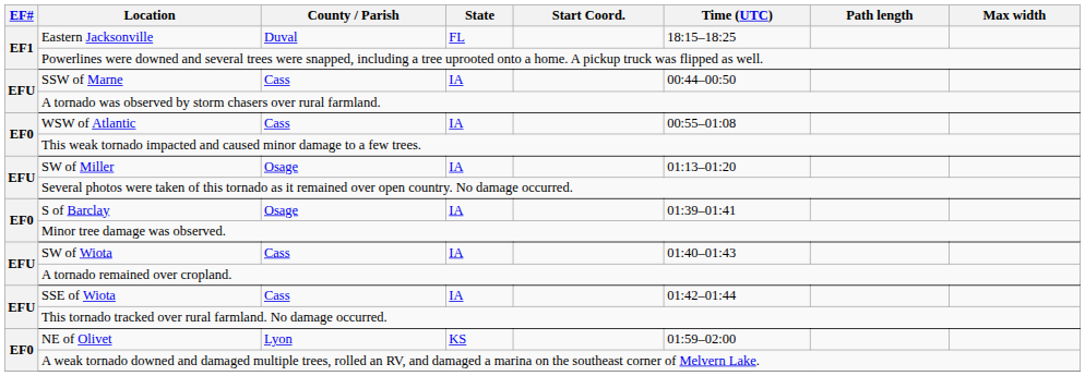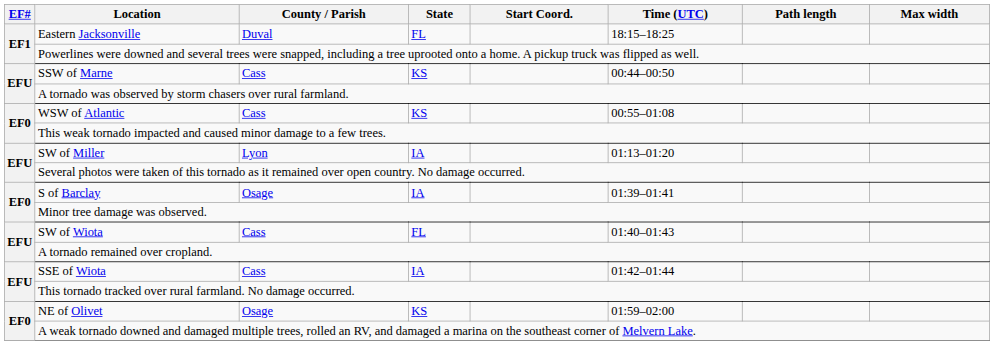 <table class="wikitable sortable" style="width:100%;">
 <tr>
 <th scope="col" width="2%" align="center"><a href='#'>EF#</a></th>
 <th scope="col" align="center" class="unsortable">Location</th>
 <th scope="col" align="center" class="unsortable">County / Parish</th>
 <th scope="col" align="center">State</th>
 <th scope="col" align="center">Start Coord.</th>
 <th scope="col" align="center">Time (<a href='#'>UTC</a>)</th>
 <th scope="col" align="center">Path length</th>
 <th scope="col" align="center">Max width</th>
 </tr>
 <tr>
 <th scope="row" rowspan="2" style="background-color:#">EF1</th>
 <td>Eastern <a href='#'>Jacksonville</a></td>
 <td><a href='#'>Duval</a></td>
 <td><a href='#'>FL</a></td>
 <td></td>
 <td>18:15–18:25</td>
 <td></td>
 <td></td>
 </tr>
 <tr class="expand-child">
 <td colspan="8" style=" border-bottom: 1px solid black;">Powerlines were downed and several trees were snapped, including a tree uprooted onto a home. A pickup truck was flipped as well.</td>
 </tr>
 <tr>
 <th scope="row" rowspan="2" style="background-color:#">EFU</th>
 <td>SSW of <a href='#'>Marne</a></td>
 <td><a href='#'>Cass</a></td>
-<td><a href='#'>IA</a></td>
+<td><a href='#'>KS</a></td>
 <td></td>
 <td>00:44–00:50</td>
 <td></td>
 <td></td>
 </tr>
 <tr class="expand-child">
 <td colspan="8" style=" border-bottom: 1px solid black;">A tornado was observed by storm chasers over rural farmland.</td>
 </tr>
 <tr>
 <th scope="row" rowspan="2" style="background-color:#">EF0</th>
 <td>WSW of <a href='#'>Atlantic</a></td>
 <td><a href='#'>Cass</a></td>
-<td><a href='#'>IA</a></td>
+<td><a href='#'>KS</a></td>
 <td></td>
 <td>00:55–01:08</td>
 <td></td>
 <td></td>
 </tr>
 <tr class="expand-child">
 <td colspan="8" style=" border-bottom: 1px solid black;">This weak tornado impacted and caused minor damage to a few trees.</td>
 </tr>
 <tr>
 <th scope="row" rowspan="2" style="background-color:#">EFU</th>
 <td>SW of <a href='#'>Miller</a></td>
-<td><a href='#'>Osage</a></td>
+<td><a href='#'>Lyon</a></td>
 <td><a href='#'>IA</a></td>
 <td></td>
 <td>01:13–01:20</td>
 <td></td>
 <td></td>
 </tr>
 <tr class="expand-child">
 <td colspan="8" style=" border-bottom: 1px solid black;">Several photos were taken of this tornado as it remained over open country. No damage occurred.</td>
 </tr>
 <tr>
 <th scope="row" rowspan="2" style="background-color:#">EF0</th>
 <td>S of <a href='#'>Barclay</a></td>
 <td><a href='#'>Osage</a></td>
 <td><a href='#'>IA</a></td>
 <td></td>
 <td>01:39–01:41</td>
 <td></td>
 <td></td>
 </tr>
 <tr class="expand-child">
 <td colspan="8" style=" border-bottom: 1px solid black;">Minor tree damage was observed.</td>
 </tr>
 <tr>
 <th scope="row" rowspan="2" style="background-color:#">EFU</th>
 <td>SW of <a href='#'>Wiota</a></td>
 <td><a href='#'>Cass</a></td>
-<td><a href='#'>IA</a></td>
+<td><a href='#'>FL</a></td>
 <td></td>
 <td>01:40–01:43</td>
 <td></td>
 <td></td>
 </tr>
 <tr class="expand-child">
 <td colspan="8" style=" border-bottom: 1px solid black;">A tornado remained over cropland.</td>
 </tr>
 <tr>
 <th scope="row" rowspan="2" style="background-color:#">EFU</th>
 <td>SSE of <a href='#'>Wiota</a></td>
 <td><a href='#'>Cass</a></td>
 <td><a href='#'>IA</a></td>
 <td></td>
 <td>01:42–01:44</td>
 <td></td>
 <td></td>
 </tr>
 <tr class="expand-child">
 <td colspan="8" style=" border-bottom: 1px solid black;">This tornado tracked over rural farmland. No damage occurred.</td>
 </tr>
 <tr>
 <th scope="row" rowspan="2" style="background-color:#">EF0</th>
 <td>NE of <a href='#'>Olivet</a></td>
-<td><a href='#'>Lyon</a></td>
+<td><a href='#'>Osage</a></td>
 <td><a href='#'>KS</a></td>
 <td></td>
 <td>01:59–02:00</td>
 <td></td>
 <td></td>
 </tr>
 <tr class="expand-child">
 <td colspan="8" style=" border-bottom: 1px solid black;">A weak tornado downed and damaged multiple trees, rolled an RV, and damaged a marina on the southeast corner of <a href='#'>Melvern Lake</a>.</td>
 </tr>
 <tr>
 </tr>
 </table>
